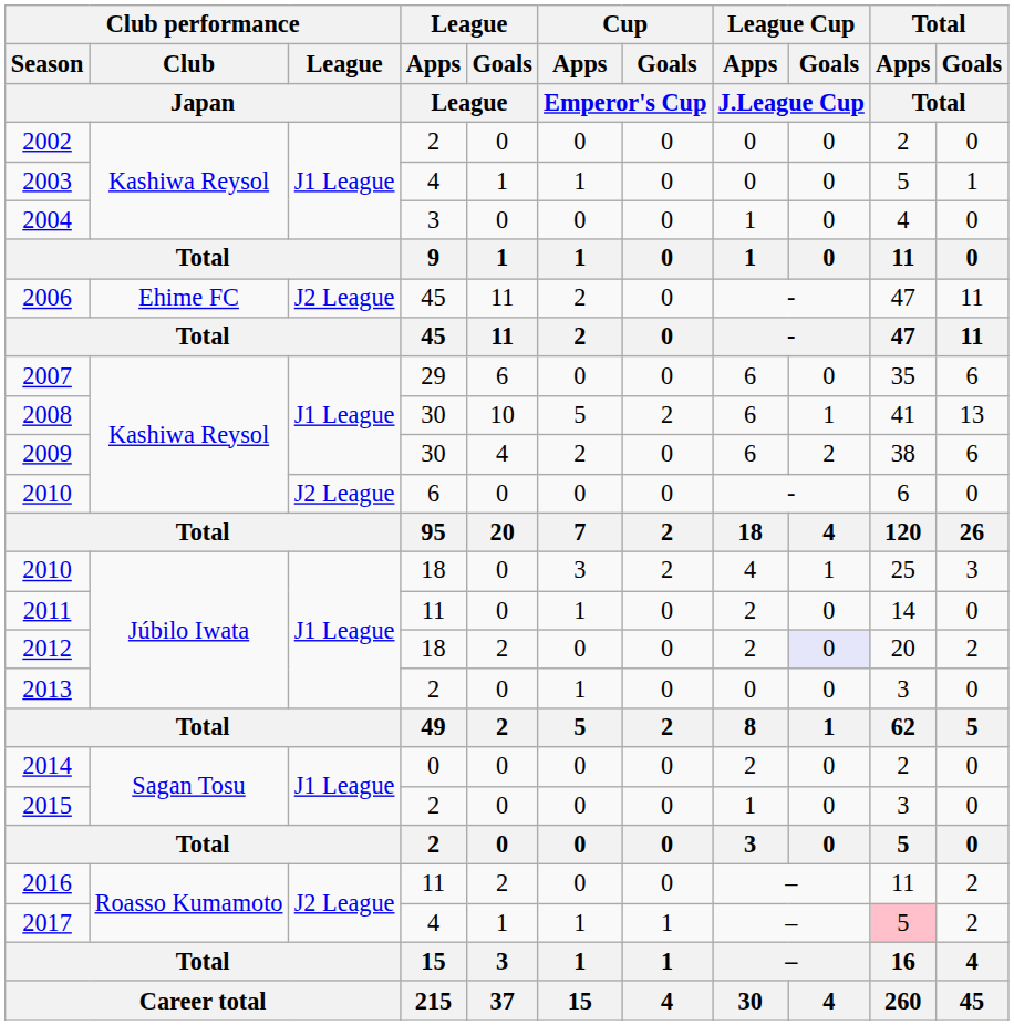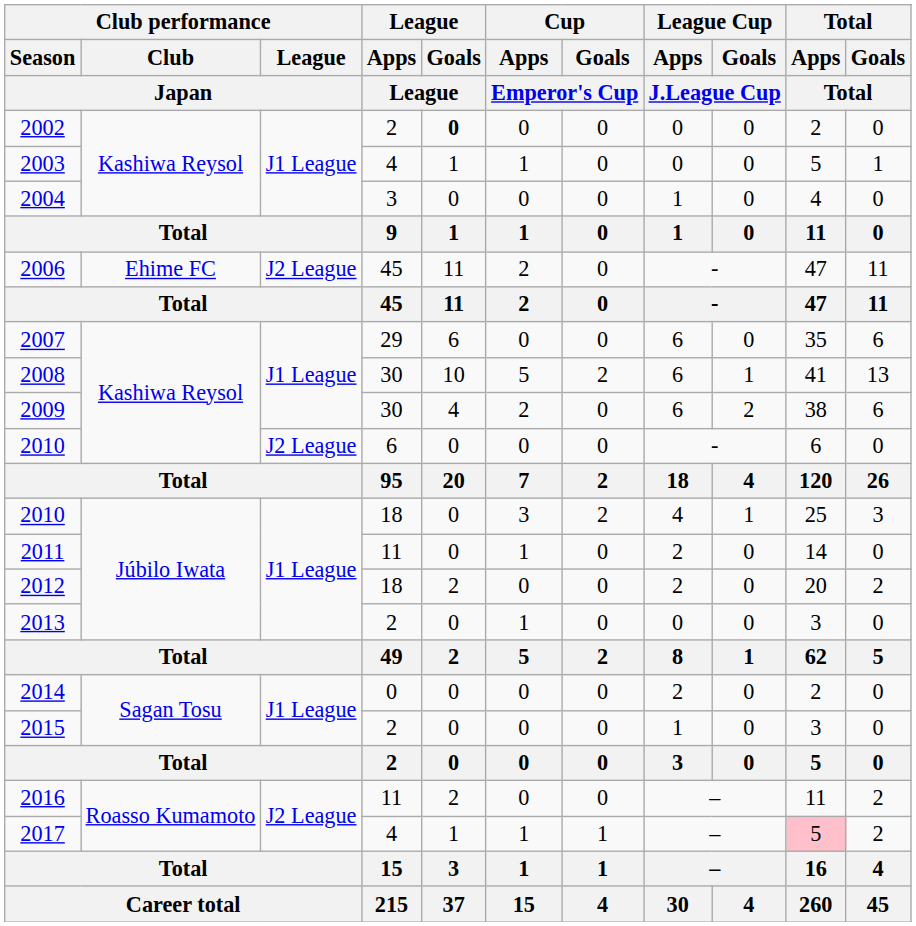 <table class="wikitable" style="text-align:center;">
 <tr>
 <th colspan=3>Club performance</th>
 <th colspan=2>League</th>
 <th colspan=2>Cup</th>
 <th colspan=2>League Cup</th>
 <th colspan=2>Total</th>
 </tr>
 <tr>
 <th>Season</th>
 <th>Club</th>
 <th>League</th>
 <th>Apps</th>
 <th>Goals</th>
 <th>Apps</th>
 <th>Goals</th>
 <th>Apps</th>
 <th>Goals</th>
 <th>Apps</th>
 <th>Goals</th>
 </tr>
 <tr>
 <th colspan=3>Japan</th>
 <th colspan=2>League</th>
 <th colspan=2><a href='#'>Emperor's Cup</a></th>
 <th colspan=2><a href='#'>J.League Cup</a></th>
 <th colspan=2>Total</th>
 </tr>
 <tr>
 <td><a href='#'>2002</a></td>
 <td rowspan="3"><a href='#'>Kashiwa Reysol</a></td>
 <td rowspan="3"><a href='#'>J1 League</a></td>
 <td>2</td>
-<td>0</td>
+<td><strong>0</strong></td>
 <td>0</td>
 <td>0</td>
 <td>0</td>
 <td>0</td>
 <td>2</td>
 <td>0</td>
 </tr>
 <tr>
 <td><a href='#'>2003</a></td>
 <td>4</td>
 <td>1</td>
 <td>1</td>
 <td>0</td>
 <td>0</td>
 <td>0</td>
 <td>5</td>
 <td>1</td>
 </tr>
 <tr>
 <td><a href='#'>2004</a></td>
 <td>3</td>
 <td>0</td>
 <td>0</td>
 <td>0</td>
 <td>1</td>
 <td>0</td>
 <td>4</td>
 <td>0</td>
 </tr>
 <tr>
 <th colspan="3">Total</th>
 <th>9</th>
 <th>1</th>
 <th>1</th>
 <th>0</th>
 <th>1</th>
 <th>0</th>
 <th>11</th>
 <th>0</th>
 </tr>
 <tr>
 <td><a href='#'>2006</a></td>
 <td><a href='#'>Ehime FC</a></td>
 <td><a href='#'>J2 League</a></td>
 <td>45</td>
 <td>11</td>
 <td>2</td>
 <td>0</td>
 <td colspan="2">-</td>
 <td>47</td>
 <td>11</td>
 </tr>
 <tr>
 <th colspan="3">Total</th>
 <th>45</th>
 <th>11</th>
 <th>2</th>
 <th>0</th>
 <th colspan="2">-</th>
 <th>47</th>
 <th>11</th>
 </tr>
 <tr>
 <td><a href='#'>2007</a></td>
 <td rowspan="4"><a href='#'>Kashiwa Reysol</a></td>
 <td rowspan="3"><a href='#'>J1 League</a></td>
 <td>29</td>
 <td>6</td>
 <td>0</td>
 <td>0</td>
 <td>6</td>
 <td>0</td>
 <td>35</td>
 <td>6</td>
 </tr>
 <tr>
 <td><a href='#'>2008</a></td>
 <td>30</td>
 <td>10</td>
 <td>5</td>
 <td>2</td>
 <td>6</td>
 <td>1</td>
 <td>41</td>
 <td>13</td>
 </tr>
 <tr>
 <td><a href='#'>2009</a></td>
 <td>30</td>
 <td>4</td>
 <td>2</td>
 <td>0</td>
 <td>6</td>
 <td>2</td>
 <td>38</td>
 <td>6</td>
 </tr>
 <tr>
 <td><a href='#'>2010</a></td>
 <td><a href='#'>J2 League</a></td>
 <td>6</td>
 <td>0</td>
 <td>0</td>
 <td>0</td>
 <td colspan="2">-</td>
 <td>6</td>
 <td>0</td>
 </tr>
 <tr>
 <th colspan="3">Total</th>
 <th>95</th>
 <th>20</th>
 <th>7</th>
 <th>2</th>
 <th>18</th>
 <th>4</th>
 <th>120</th>
 <th>26</th>
 </tr>
 <tr>
 <td><a href='#'>2010</a></td>
 <td rowspan="4"><a href='#'>Júbilo Iwata</a></td>
 <td rowspan="4"><a href='#'>J1 League</a></td>
 <td>18</td>
 <td>0</td>
 <td>3</td>
 <td>2</td>
 <td>4</td>
 <td>1</td>
 <td>25</td>
 <td>3</td>
 </tr>
 <tr>
 <td><a href='#'>2011</a></td>
 <td>11</td>
 <td>0</td>
 <td>1</td>
 <td>0</td>
 <td>2</td>
 <td>0</td>
 <td>14</td>
 <td>0</td>
 </tr>
 <tr>
 <td><a href='#'>2012</a></td>
 <td>18</td>
 <td>2</td>
 <td>0</td>
 <td>0</td>
 <td>2</td>
-<td style="background: lavender;">0</td>
+<td>0</td>
 <td>20</td>
 <td>2</td>
 </tr>
 <tr>
 <td><a href='#'>2013</a></td>
 <td>2</td>
 <td>0</td>
 <td>1</td>
 <td>0</td>
 <td>0</td>
 <td>0</td>
 <td>3</td>
 <td>0</td>
 </tr>
 <tr>
 <th colspan="3">Total</th>
 <th>49</th>
 <th>2</th>
 <th>5</th>
 <th>2</th>
 <th>8</th>
 <th>1</th>
 <th>62</th>
 <th>5</th>
 </tr>
 <tr>
 <td><a href='#'>2014</a></td>
 <td rowspan="2"><a href='#'>Sagan Tosu</a></td>
 <td rowspan="2"><a href='#'>J1 League</a></td>
 <td>0</td>
 <td>0</td>
 <td>0</td>
 <td>0</td>
 <td>2</td>
 <td>0</td>
 <td>2</td>
 <td>0</td>
 </tr>
 <tr>
 <td><a href='#'>2015</a></td>
 <td>2</td>
 <td>0</td>
 <td>0</td>
 <td>0</td>
 <td>1</td>
 <td>0</td>
 <td>3</td>
 <td>0</td>
 </tr>
 <tr>
 <th colspan="3">Total</th>
 <th>2</th>
 <th>0</th>
 <th>0</th>
 <th>0</th>
 <th>3</th>
 <th>0</th>
 <th>5</th>
 <th>0</th>
 </tr>
 <tr>
 <td><a href='#'>2016</a></td>
 <td rowspan="2"><a href='#'>Roasso Kumamoto</a></td>
 <td rowspan="2"><a href='#'>J2 League</a></td>
 <td>11</td>
 <td>2</td>
 <td>0</td>
 <td>0</td>
 <td colspan="2">–</td>
 <td>11</td>
 <td>2</td>
 </tr>
 <tr>
 <td><a href='#'>2017</a></td>
 <td>4</td>
 <td>1</td>
 <td>1</td>
 <td>1</td>
 <td colspan="2">–</td>
 <td style="background: pink;">5</td>
 <td>2</td>
 </tr>
 <tr>
 <th colspan="3">Total</th>
 <th>15</th>
 <th>3</th>
 <th>1</th>
 <th>1</th>
 <th colspan="2">–</th>
 <th>16</th>
 <th>4</th>
 </tr>
 <tr>
 <th colspan=3>Career total</th>
 <th>215</th>
 <th>37</th>
 <th>15</th>
 <th>4</th>
 <th>30</th>
 <th>4</th>
 <th>260</th>
 <th>45</th>
 </tr>
 </table>
